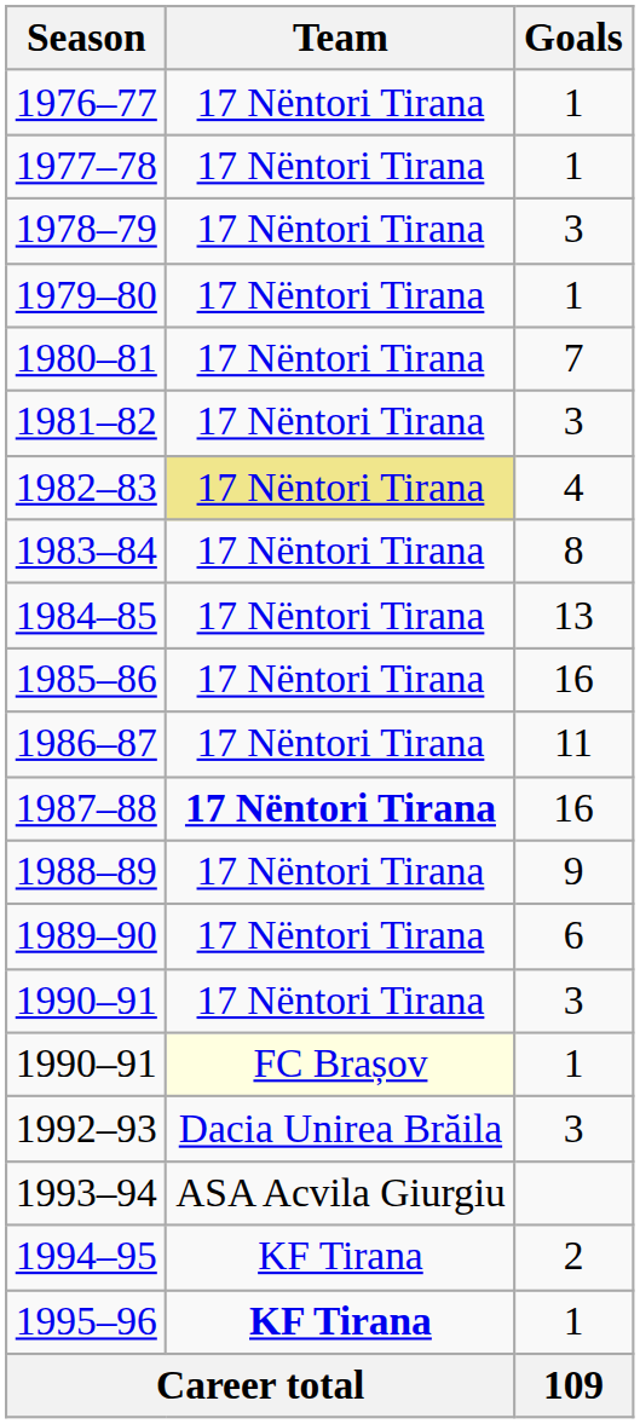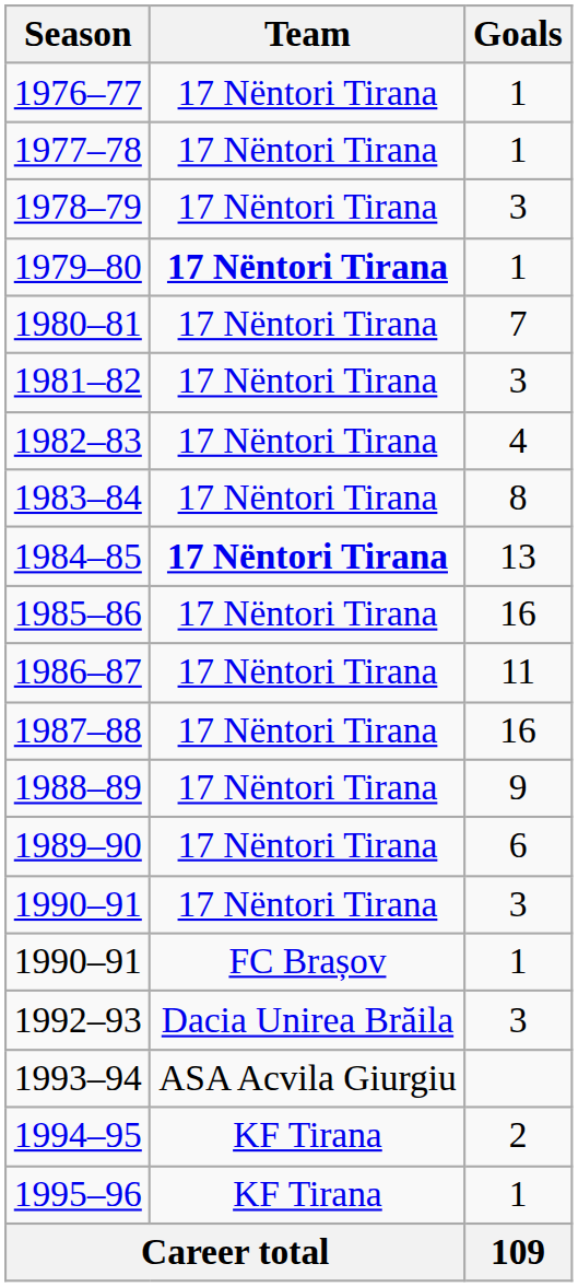 <table class="wikitable" style="text-align: center">
 <tr>
 <th>Season</th>
 <th>Team</th>
 <th>Goals</th>
 </tr>
 <tr>
 <td><a href='#'>1976–77</a></td>
 <td><a href='#'>17 Nëntori Tirana</a></td>
 <td>1</td>
 </tr>
 <tr>
 <td><a href='#'>1977–78</a></td>
 <td><a href='#'>17 Nëntori Tirana</a></td>
 <td>1</td>
 </tr>
 <tr>
 <td><a href='#'>1978–79</a></td>
 <td><a href='#'>17 Nëntori Tirana</a></td>
 <td>3</td>
 </tr>
 <tr>
 <td><a href='#'>1979–80</a></td>
-<td><a href='#'>17 Nëntori Tirana</a></td>
+<td><strong><a href='#'>17 Nëntori Tirana</a></strong></td>
 <td>1</td>
 </tr>
 <tr>
 <td><a href='#'>1980–81</a></td>
 <td><a href='#'>17 Nëntori Tirana</a></td>
 <td>7</td>
 </tr>
 <tr>
 <td><a href='#'>1981–82</a></td>
 <td><a href='#'>17 Nëntori Tirana</a></td>
 <td>3</td>
 </tr>
 <tr>
 <td><a href='#'>1982–83</a></td>
-<td style="background: khaki;"><a href='#'>17 Nëntori Tirana</a></td>
+<td><a href='#'>17 Nëntori Tirana</a></td>
 <td>4</td>
 </tr>
 <tr>
 <td><a href='#'>1983–84</a></td>
 <td><a href='#'>17 Nëntori Tirana</a></td>
 <td>8</td>
 </tr>
 <tr>
 <td><a href='#'>1984–85</a></td>
-<td><a href='#'>17 Nëntori Tirana</a></td>
+<td><strong><a href='#'>17 Nëntori Tirana</a></strong></td>
 <td>13</td>
 </tr>
 <tr>
 <td><a href='#'>1985–86</a></td>
 <td><a href='#'>17 Nëntori Tirana</a></td>
 <td>16</td>
 </tr>
 <tr>
 <td><a href='#'>1986–87</a></td>
 <td><a href='#'>17 Nëntori Tirana</a></td>
 <td>11</td>
 </tr>
 <tr>
 <td><a href='#'>1987–88</a></td>
-<td><strong><a href='#'>17 Nëntori Tirana</a></strong></td>
+<td><a href='#'>17 Nëntori Tirana</a></td>
 <td>16</td>
 </tr>
 <tr>
 <td><a href='#'>1988–89</a></td>
 <td><a href='#'>17 Nëntori Tirana</a></td>
 <td>9</td>
 </tr>
 <tr>
 <td><a href='#'>1989–90</a></td>
 <td><a href='#'>17 Nëntori Tirana</a></td>
 <td>6</td>
 </tr>
 <tr>
 <td><a href='#'>1990–91</a></td>
 <td><a href='#'>17 Nëntori Tirana</a></td>
 <td>3</td>
 </tr>
 <tr>
 <td>1990–91</td>
-<td style="background: lightyellow;"><a href='#'>FC Brașov</a></td>
+<td><a href='#'>FC Brașov</a></td>
 <td>1</td>
 </tr>
 <tr>
 <td>1992–93</td>
 <td><a href='#'>Dacia Unirea Brăila</a></td>
 <td>3</td>
 </tr>
 <tr>
 <td>1993–94</td>
 <td>ASA Acvila Giurgiu</td>
 <td></td>
 </tr>
 <tr>
 <td><a href='#'>1994–95</a></td>
 <td><a href='#'>KF Tirana</a></td>
 <td>2</td>
 </tr>
 <tr>
 <td><a href='#'>1995–96</a></td>
-<td><strong><a href='#'>KF Tirana</a></strong></td>
+<td><a href='#'>KF Tirana</a></td>
 <td>1</td>
 </tr>
 <tr>
 <th colspan="2">Career total</th>
 <th>109</th>
 </tr>
 </table>
